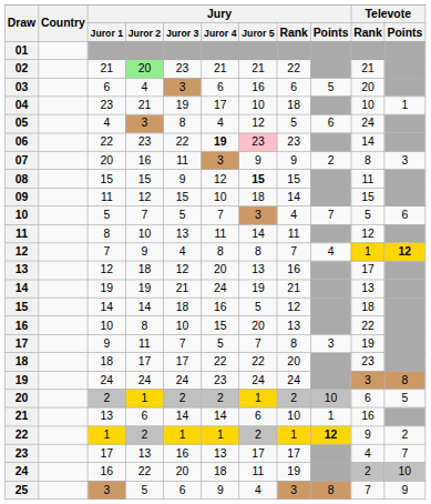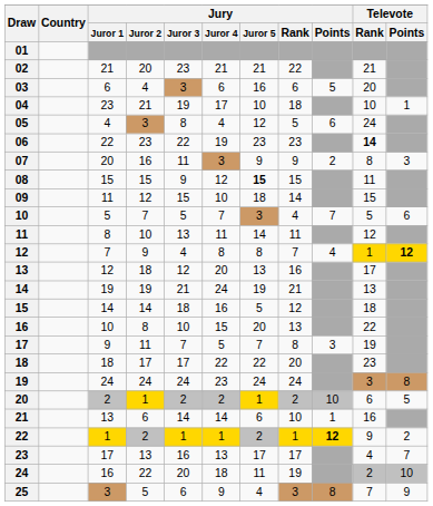 <table class="sortable wikitable collapsible plainrowheaders" style="text-align:center;">
 <tr>
 </tr>
 <tr>
 <th scope="col" rowspan="2">Draw</th>
 <th scope="col" rowspan="2">Country</th>
 <th scope="col" colspan="7">Jury</th>
 <th scope="col" colspan="2">Televote</th>
 </tr>
 <tr>
 <th scope="col"><small>Juror 1</small></th>
 <th scope="col"><small>Juror 2</small></th>
 <th scope="col"><small>Juror 3</small></th>
 <th scope="col"><small>Juror 4</small></th>
 <th scope="col"><small>Juror 5</small></th>
 <th scope="col">Rank</th>
 <th scope="col">Points</th>
 <th scope="col">Rank</th>
 <th scope="col">Points</th>
 </tr>
 <tr class="sortbottom">
 <th scope="row" style="text-align:center;">01</th>
 <td style="text-align:left;"></td>
 <td style="background:#AAAAAA;"></td>
 <td style="background:#AAAAAA;"></td>
 <td style="background:#AAAAAA;"></td>
 <td style="background:#AAAAAA;"></td>
 <td style="background:#AAAAAA;"></td>
 <td style="background:#AAAAAA;"></td>
 <td style="background:#AAAAAA;"></td>
 <td style="background:#AAAAAA;"></td>
 <td style="background:#AAAAAA;"></td>
 </tr>
 <tr>
 <th scope="row" style="text-align:center;">02</th>
 <td style="text-align:left;"></td>
 <td>21</td>
-<td style="background: lightgreen;">20</td>
+<td>20</td>
 <td>23</td>
 <td>21</td>
 <td>21</td>
 <td>22</td>
 <td style="background:#AAAAAA;"></td>
 <td>21</td>
 <td style="background:#AAAAAA;"></td>
 </tr>
 <tr>
 <th scope="row" style="text-align:center;">03</th>
 <td style="text-align:left;"></td>
 <td>6</td>
 <td>4</td>
 <td style="background:#CC9966;">3</td>
 <td>6</td>
 <td>16</td>
 <td>6</td>
 <td>5</td>
 <td>20</td>
 <td style="background:#AAAAAA;"></td>
 </tr>
 <tr>
 <th scope="row" style="text-align:center;">04</th>
 <td style="text-align:left;"></td>
 <td>23</td>
 <td>21</td>
 <td>19</td>
 <td>17</td>
 <td>10</td>
 <td>18</td>
 <td style="background:#AAAAAA;"></td>
 <td>10</td>
 <td>1</td>
 </tr>
 <tr>
 <th scope="row" style="text-align:center;">05</th>
 <td style="text-align:left;"></td>
 <td>4</td>
 <td style="background:#CC9966;">3</td>
 <td>8</td>
 <td>4</td>
 <td>12</td>
 <td>5</td>
 <td>6</td>
 <td>24</td>
 <td style="background:#AAAAAA;"></td>
 </tr>
 <tr>
 <th scope="row" style="text-align:center;">06</th>
 <td style="text-align:left;"></td>
 <td>22</td>
 <td>23</td>
 <td>22</td>
-<td><strong>19</strong></td>
-<td style="background: pink;">23</td>
+<td>19</td>
+<td>23</td>
 <td>23</td>
 <td style="background:#AAAAAA;"></td>
-<td>14</td>
+<td><strong>14</strong></td>
 <td style="background:#AAAAAA;"></td>
 </tr>
 <tr>
 <th scope="row" style="text-align:center;">07</th>
 <td style="text-align:left;"></td>
 <td>20</td>
 <td>16</td>
 <td>11</td>
 <td style="background:#CC9966;">3</td>
 <td>9</td>
 <td>9</td>
 <td>2</td>
 <td>8</td>
 <td>3</td>
 </tr>
 <tr>
 <th scope="row" style="text-align:center;">08</th>
 <td style="text-align:left;"></td>
 <td>15</td>
 <td>15</td>
 <td>9</td>
 <td>12</td>
 <td><strong>15</strong></td>
 <td>15</td>
 <td style="background:#AAAAAA;"></td>
 <td>11</td>
 <td style="background:#AAAAAA;"></td>
 </tr>
 <tr>
 <th scope="row" style="text-align:center;">09</th>
 <td style="text-align:left;"></td>
 <td>11</td>
 <td>12</td>
 <td>15</td>
 <td>10</td>
 <td>18</td>
 <td>14</td>
 <td style="background:#AAAAAA;"></td>
 <td>15</td>
 <td style="background:#AAAAAA;"></td>
 </tr>
 <tr>
 <th scope="row" style="text-align:center;">10</th>
 <td style="text-align:left;"></td>
 <td>5</td>
 <td>7</td>
 <td>5</td>
 <td>7</td>
 <td style="background:#CC9966;">3</td>
 <td>4</td>
 <td>7</td>
 <td>5</td>
 <td>6</td>
 </tr>
 <tr>
 <th scope="row" style="text-align:center;">11</th>
 <td style="text-align:left;"></td>
 <td>8</td>
 <td>10</td>
 <td>13</td>
 <td>11</td>
 <td>14</td>
 <td>11</td>
 <td style="background:#AAAAAA;"></td>
 <td>12</td>
 <td style="background:#AAAAAA;"></td>
 </tr>
 <tr>
 <th scope="row" style="text-align:center;">12</th>
 <td style="text-align:left;"></td>
 <td>7</td>
 <td>9</td>
 <td>4</td>
 <td>8</td>
 <td>8</td>
 <td>7</td>
 <td>4</td>
 <td style="background:gold;">1</td>
 <td style="background:gold;"><strong>12</strong></td>
 </tr>
 <tr>
 <th scope="row" style="text-align:center;">13</th>
 <td style="text-align:left;"></td>
 <td>12</td>
 <td>18</td>
 <td>12</td>
 <td>20</td>
 <td>13</td>
 <td>16</td>
 <td style="background:#AAAAAA;"></td>
 <td>17</td>
 <td style="background:#AAAAAA;"></td>
 </tr>
 <tr>
 <th scope="row" style="text-align:center;">14</th>
 <td style="text-align:left;"></td>
 <td>19</td>
 <td>19</td>
 <td>21</td>
 <td>24</td>
 <td>19</td>
 <td>21</td>
 <td style="background:#AAAAAA;"></td>
 <td>13</td>
 <td style="background:#AAAAAA;"></td>
 </tr>
 <tr>
 <th scope="row" style="text-align:center;">15</th>
 <td style="text-align:left;"></td>
 <td>14</td>
 <td>14</td>
 <td>18</td>
 <td>16</td>
 <td>5</td>
 <td>12</td>
 <td style="background:#AAAAAA;"></td>
 <td>18</td>
 <td style="background:#AAAAAA;"></td>
 </tr>
 <tr>
 <th scope="row" style="text-align:center;">16</th>
 <td style="text-align:left;"></td>
 <td>10</td>
 <td>8</td>
 <td>10</td>
 <td>15</td>
 <td>20</td>
 <td>13</td>
 <td style="background:#AAAAAA;"></td>
 <td>22</td>
 <td style="background:#AAAAAA;"></td>
 </tr>
 <tr>
 <th scope="row" style="text-align:center;">17</th>
 <td style="text-align:left;"></td>
 <td>9</td>
 <td>11</td>
 <td>7</td>
 <td>5</td>
 <td>7</td>
 <td>8</td>
 <td>3</td>
 <td>19</td>
 <td style="background:#AAAAAA;"></td>
 </tr>
 <tr>
 <th scope="row" style="text-align:center;">18</th>
 <td style="text-align:left;"></td>
 <td>18</td>
 <td>17</td>
 <td>17</td>
 <td>22</td>
 <td>22</td>
 <td>20</td>
 <td style="background:#AAAAAA;"></td>
 <td>23</td>
 <td style="background:#AAAAAA;"></td>
 </tr>
 <tr>
 <th scope="row" style="text-align:center;">19</th>
 <td style="text-align:left;"></td>
 <td>24</td>
 <td>24</td>
 <td>24</td>
 <td>23</td>
 <td>24</td>
 <td>24</td>
 <td style="background:#AAAAAA;"></td>
 <td style="background:#CC9966;">3</td>
 <td style="background:#CC9966;">8</td>
 </tr>
 <tr>
 <th scope="row" style="text-align:center;">20</th>
 <td style="text-align:left;"></td>
 <td style="background:silver;">2</td>
 <td style="background:gold;">1</td>
 <td style="background:silver;">2</td>
 <td style="background:silver;">2</td>
 <td style="background:gold;">1</td>
 <td style="background:silver;">2</td>
 <td style="background:silver;">10</td>
 <td>6</td>
 <td>5</td>
 </tr>
 <tr>
 <th scope="row" style="text-align:center;">21</th>
 <td style="text-align:left;"></td>
 <td>13</td>
 <td>6</td>
 <td>14</td>
 <td>14</td>
 <td>6</td>
 <td>10</td>
 <td>1</td>
 <td>16</td>
 <td style="background:#AAAAAA;"></td>
 </tr>
 <tr>
 <th scope="row" style="text-align:center;">22</th>
 <td style="text-align:left;"></td>
 <td style="background:gold;">1</td>
 <td style="background:silver;">2</td>
 <td style="background:gold;">1</td>
 <td style="background:gold;">1</td>
 <td style="background:silver;">2</td>
 <td style="background:gold;">1</td>
 <td style="background:gold;"><strong>12</strong></td>
 <td>9</td>
 <td>2</td>
 </tr>
 <tr>
 <th scope="row" style="text-align:center;">23</th>
 <td style="text-align:left;"></td>
 <td>17</td>
 <td>13</td>
 <td>16</td>
 <td>13</td>
 <td>17</td>
 <td>17</td>
 <td style="background:#AAAAAA;"></td>
 <td>4</td>
 <td>7</td>
 </tr>
 <tr>
 <th scope="row" style="text-align:center;">24</th>
 <td style="text-align:left;"></td>
 <td>16</td>
 <td>22</td>
 <td>20</td>
 <td>18</td>
 <td>11</td>
 <td>19</td>
 <td style="background:#AAAAAA;"></td>
 <td style="background:silver;">2</td>
 <td style="background:silver;">10</td>
 </tr>
 <tr>
 <th scope="row" style="text-align:center;">25</th>
 <td style="text-align:left;"></td>
 <td style="background:#CC9966;">3</td>
 <td>5</td>
 <td>6</td>
 <td>9</td>
 <td>4</td>
 <td style="background:#CC9966;">3</td>
 <td style="background:#CC9966;">8</td>
 <td>7</td>
 <td>9</td>
 </tr>
 </table>
